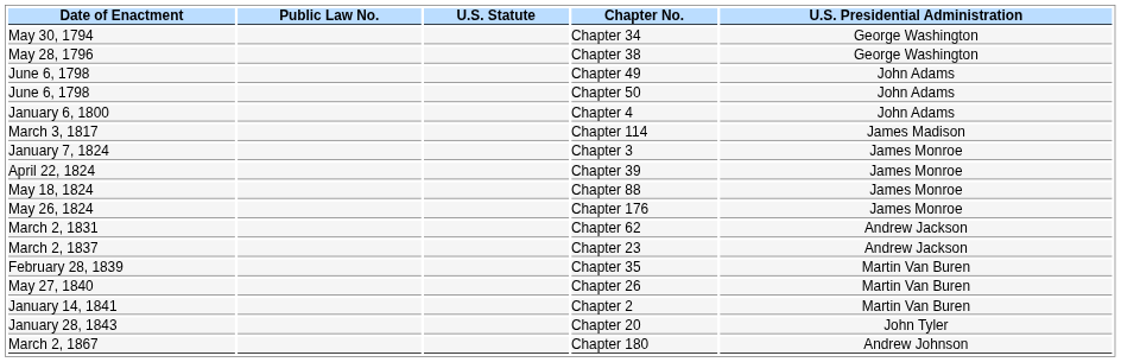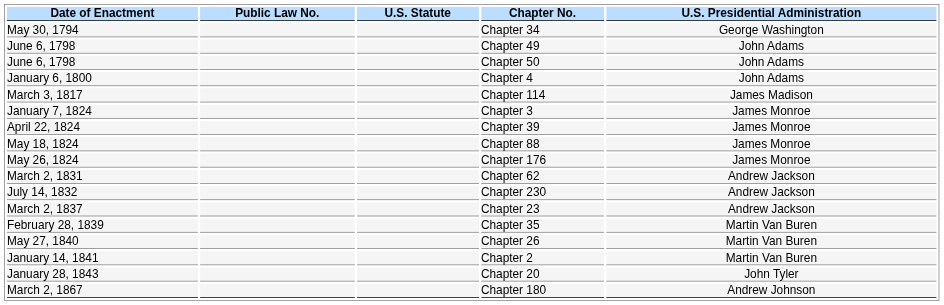 <table style="border:1px solid gray; align:center; width:100%" cellspacing=3 cellpadding=0>
 <tr style="font-weight:bold; text-align:center; background:#bbddff; color:black;">
 <th style=" border-bottom:1.5px solid black">Date of Enactment</th>
 <th style=" border-bottom:1.5px solid black">Public Law No.</th>
 <th style=" border-bottom:1.5px solid black">U.S. Statute</th>
 <th style=" border-bottom:1.5px solid black">Chapter No.</th>
 <th style=" border-bottom:1.5px solid black">U.S. Presidential Administration</th>
 </tr>
 <tr>
 <td style="border-bottom:1px solid gray; background:#F5F5F5;">May 30, 1794</td>
 <td style="border-bottom:1px solid gray; background:#F5F5F5; text-align:left;"></td>
 <td style="border-bottom:1px solid gray; background:#F5F5F5; text-align:left;"></td>
 <td style="border-bottom:1px solid gray; background:#F5F5F5; text-align:left;">Chapter 34</td>
-<td style="border-bottom:1px solid gray; background:#F5F5F5; text-align:center;">George Washington</td>
-</tr>
-<tr>
-<td style="border-bottom:1px solid gray; background:#F5F5F5;">May 28, 1796</td>
-<td style="border-bottom:1px solid gray; background:#F5F5F5; text-align:left;"></td>
-<td style="border-bottom:1px solid gray; background:#F5F5F5; text-align:left;"></td>
-<td style="border-bottom:1px solid gray; background:#F5F5F5; text-align:left;">Chapter 38</td>
 <td style="border-bottom:1px solid gray; background:#F5F5F5; text-align:center;">George Washington</td>
 </tr>
 <tr>
 <td style="border-bottom:1px solid gray; background:#F5F5F5;">June 6, 1798</td>
 <td style="border-bottom:1px solid gray; background:#F5F5F5; text-align:left;"></td>
 <td style="border-bottom:1px solid gray; background:#F5F5F5; text-align:left;"></td>
 <td style="border-bottom:1px solid gray; background:#F5F5F5; text-align:left;">Chapter 49</td>
 <td style="border-bottom:1px solid gray; background:#F5F5F5; text-align:center;">John Adams</td>
 </tr>
 <tr>
 <td style="border-bottom:1px solid gray; background:#F5F5F5;">June 6, 1798</td>
 <td style="border-bottom:1px solid gray; background:#F5F5F5; text-align:left;"></td>
 <td style="border-bottom:1px solid gray; background:#F5F5F5; text-align:left;"></td>
 <td style="border-bottom:1px solid gray; background:#F5F5F5; text-align:left;">Chapter 50</td>
 <td style="border-bottom:1px solid gray; background:#F5F5F5; text-align:center;">John Adams</td>
 </tr>
 <tr>
 <td style="border-bottom:1px solid gray; background:#F5F5F5;">January 6, 1800</td>
 <td style="border-bottom:1px solid gray; background:#F5F5F5; text-align:left;"></td>
 <td style="border-bottom:1px solid gray; background:#F5F5F5; text-align:left;"></td>
 <td style="border-bottom:1px solid gray; background:#F5F5F5; text-align:left;">Chapter 4</td>
 <td style="border-bottom:1px solid gray; background:#F5F5F5; text-align:center;">John Adams</td>
 </tr>
 <tr>
 <td style="border-bottom:1px solid gray; background:#F5F5F5;">March 3, 1817</td>
 <td style="border-bottom:1px solid gray; background:#F5F5F5; text-align:left;"></td>
 <td style="border-bottom:1px solid gray; background:#F5F5F5; text-align:left;"></td>
 <td style="border-bottom:1px solid gray; background:#F5F5F5; text-align:left;">Chapter 114</td>
 <td style="border-bottom:1px solid gray; background:#F5F5F5; text-align:center;">James Madison</td>
 </tr>
 <tr>
 <td style="border-bottom:1px solid gray; background:#F5F5F5;">January 7, 1824</td>
 <td style="border-bottom:1px solid gray; background:#F5F5F5; text-align:left;"></td>
 <td style="border-bottom:1px solid gray; background:#F5F5F5; text-align:left;"></td>
 <td style="border-bottom:1px solid gray; background:#F5F5F5; text-align:left;">Chapter 3</td>
 <td style="border-bottom:1px solid gray; background:#F5F5F5; text-align:center;">James Monroe</td>
 </tr>
 <tr>
 <td style="border-bottom:1px solid gray; background:#F5F5F5;">April 22, 1824</td>
 <td style="border-bottom:1px solid gray; background:#F5F5F5; text-align:left;"></td>
 <td style="border-bottom:1px solid gray; background:#F5F5F5; text-align:left;"></td>
 <td style="border-bottom:1px solid gray; background:#F5F5F5; text-align:left;">Chapter 39</td>
 <td style="border-bottom:1px solid gray; background:#F5F5F5; text-align:center;">James Monroe</td>
 </tr>
 <tr>
 <td style="border-bottom:1px solid gray; background:#F5F5F5;">May 18, 1824</td>
 <td style="border-bottom:1px solid gray; background:#F5F5F5; text-align:left;"></td>
 <td style="border-bottom:1px solid gray; background:#F5F5F5; text-align:left;"></td>
 <td style="border-bottom:1px solid gray; background:#F5F5F5; text-align:left;">Chapter 88</td>
 <td style="border-bottom:1px solid gray; background:#F5F5F5; text-align:center;">James Monroe</td>
 </tr>
 <tr>
 <td style="border-bottom:1px solid gray; background:#F5F5F5;">May 26, 1824</td>
 <td style="border-bottom:1px solid gray; background:#F5F5F5; text-align:left;"></td>
 <td style="border-bottom:1px solid gray; background:#F5F5F5; text-align:left;"></td>
 <td style="border-bottom:1px solid gray; background:#F5F5F5; text-align:left;">Chapter 176</td>
 <td style="border-bottom:1px solid gray; background:#F5F5F5; text-align:center;">James Monroe</td>
 </tr>
 <tr>
 <td style="border-bottom:1px solid gray; background:#F5F5F5;">March 2, 1831</td>
 <td style="border-bottom:1px solid gray; background:#F5F5F5; text-align:left;"></td>
 <td style="border-bottom:1px solid gray; background:#F5F5F5; text-align:left;"></td>
 <td style="border-bottom:1px solid gray; background:#F5F5F5; text-align:left;">Chapter 62</td>
 <td style="border-bottom:1px solid gray; background:#F5F5F5; text-align:center;">Andrew Jackson</td>
 </tr>
 <tr>
+<td style="border-bottom:1px solid gray; background:#F5F5F5;">July 14, 1832</td>
+<td style="border-bottom:1px solid gray; background:#F5F5F5; text-align:left;"></td>
+<td style="border-bottom:1px solid gray; background:#F5F5F5; text-align:left;"></td>
+<td style="border-bottom:1px solid gray; background:#F5F5F5; text-align:left;">Chapter 230</td>
+<td style="border-bottom:1px solid gray; background:#F5F5F5; text-align:center;">Andrew Jackson</td>
+</tr>
+<tr>
 <td style="border-bottom:1px solid gray; background:#F5F5F5;">March 2, 1837</td>
 <td style="border-bottom:1px solid gray; background:#F5F5F5; text-align:left;"></td>
 <td style="border-bottom:1px solid gray; background:#F5F5F5; text-align:left;"></td>
 <td style="border-bottom:1px solid gray; background:#F5F5F5; text-align:left;">Chapter 23</td>
 <td style="border-bottom:1px solid gray; background:#F5F5F5; text-align:center;">Andrew Jackson</td>
 </tr>
 <tr>
 <td style="border-bottom:1px solid gray; background:#F5F5F5;">February 28, 1839</td>
 <td style="border-bottom:1px solid gray; background:#F5F5F5; text-align:left;"></td>
 <td style="border-bottom:1px solid gray; background:#F5F5F5; text-align:left;"></td>
 <td style="border-bottom:1px solid gray; background:#F5F5F5; text-align:left;">Chapter 35</td>
 <td style="border-bottom:1px solid gray; background:#F5F5F5; text-align:center;">Martin Van Buren</td>
 </tr>
 <tr>
 <td style="border-bottom:1px solid gray; background:#F5F5F5;">May 27, 1840</td>
 <td style="border-bottom:1px solid gray; background:#F5F5F5; text-align:left;"></td>
 <td style="border-bottom:1px solid gray; background:#F5F5F5; text-align:left;"></td>
 <td style="border-bottom:1px solid gray; background:#F5F5F5; text-align:left;">Chapter 26</td>
 <td style="border-bottom:1px solid gray; background:#F5F5F5; text-align:center;">Martin Van Buren</td>
 </tr>
 <tr>
 <td style="border-bottom:1px solid gray; background:#F5F5F5;">January 14, 1841</td>
 <td style="border-bottom:1px solid gray; background:#F5F5F5; text-align:left;"></td>
 <td style="border-bottom:1px solid gray; background:#F5F5F5; text-align:left;"></td>
 <td style="border-bottom:1px solid gray; background:#F5F5F5; text-align:left;">Chapter 2</td>
 <td style="border-bottom:1px solid gray; background:#F5F5F5; text-align:center;">Martin Van Buren</td>
 </tr>
 <tr>
 <td style="border-bottom:1px solid gray; background:#F5F5F5;">January 28, 1843</td>
 <td style="border-bottom:1px solid gray; background:#F5F5F5; text-align:left;"></td>
 <td style="border-bottom:1px solid gray; background:#F5F5F5; text-align:left;"></td>
 <td style="border-bottom:1px solid gray; background:#F5F5F5; text-align:left;">Chapter 20</td>
 <td style="border-bottom:1px solid gray; background:#F5F5F5; text-align:center;">John Tyler</td>
 </tr>
 <tr>
 <td style="border-bottom:1.5px solid black; background:#F5F5F5;">March 2, 1867</td>
 <td style="border-bottom:1.5px solid black; background:#F5F5F5; text-align:left;"></td>
 <td style="border-bottom:1.5px solid black; background:#F5F5F5; text-align:left;"></td>
 <td style="border-bottom:1.5px solid black; background:#F5F5F5; text-align:left;">Chapter 180</td>
 <td style="border-bottom:1.5px solid black; background:#F5F5F5; text-align:center;">Andrew Johnson</td>
 </tr>
 </table>
